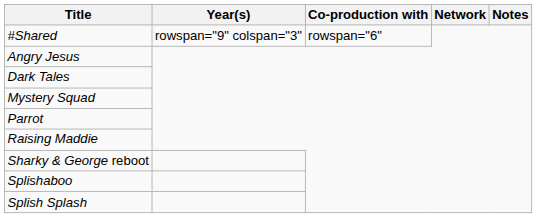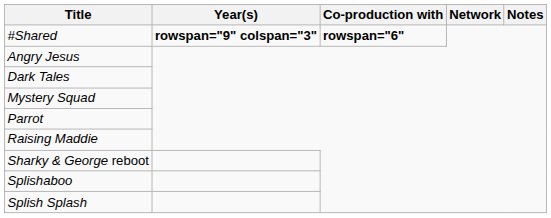 <table class="wikitable sortable">
 <tr>
 <th>Title</th>
 <th>Year(s)</th>
 <th>Co-production with</th>
 <th>Network</th>
 <th>Notes</th>
 </tr>
 <tr>
 <td><em>#Shared</em></td>
-<td>rowspan="9" colspan="3" </td>
-<td>rowspan="6" </td>
+<td><strong>rowspan="9" colspan="3" </strong></td>
+<td><strong>rowspan="6" </strong></td>
 </tr>
 <tr>
 <td><em>Angry Jesus</em></td>
 </tr>
 <tr>
 <td><em>Dark Tales</em></td>
 </tr>
 <tr>
 <td><em>Mystery Squad</em></td>
 </tr>
 <tr>
 <td><em>Parrot</em></td>
 </tr>
 <tr>
 <td><em>Raising Maddie</em></td>
 </tr>
 <tr>
 <td><em>Sharky & George</em> reboot</td>
 <td></td>
 </tr>
 <tr>
 <td><em>Splishaboo</em></td>
 <td></td>
 </tr>
 <tr>
 <td><em>Splish Splash</em></td>
 <td></td>
 </tr>
 </table>
